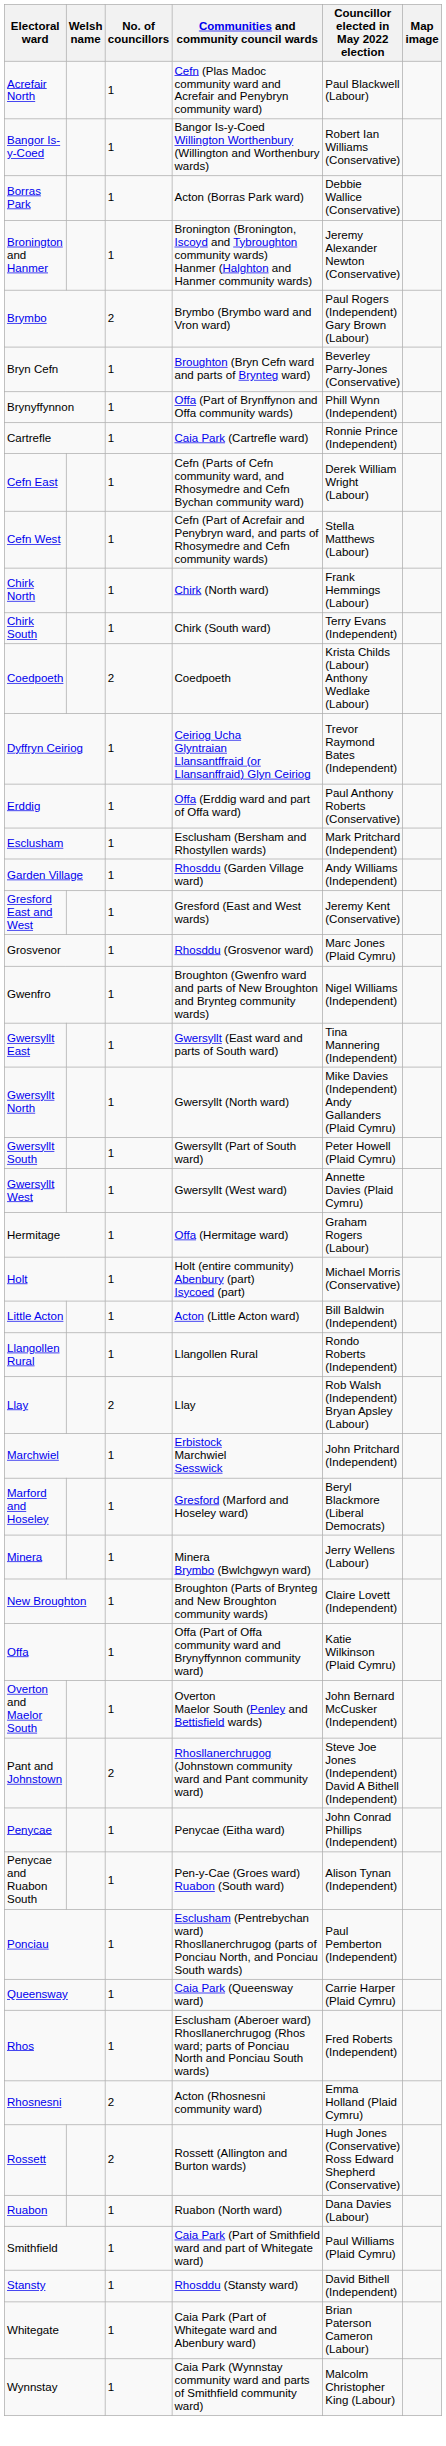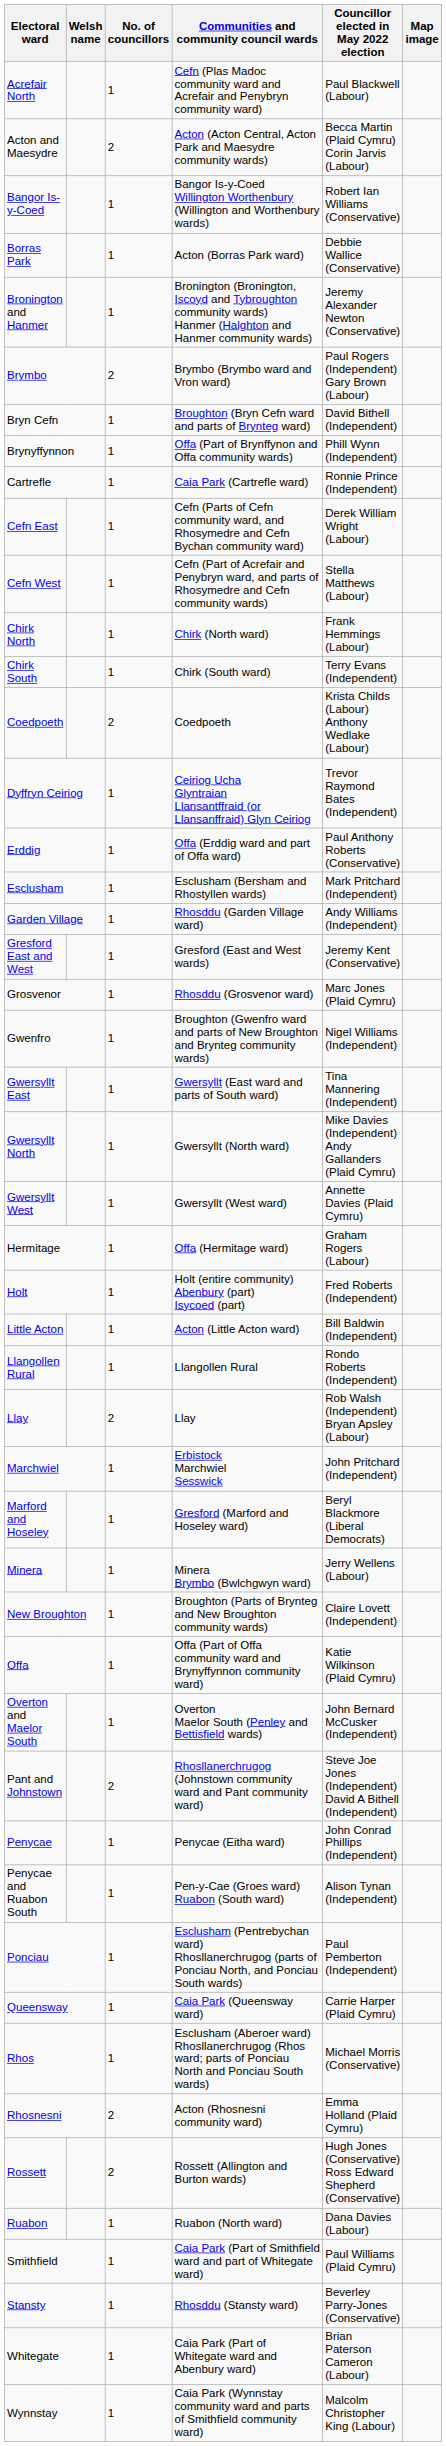 <table class="wikitable">
 <tr>
 <th>Electoral ward<br></th>
 <th>Welsh name<br></th>
 <th>No. of councillors</th>
 <th width="330pt"><a href='#'>Communities</a> and community council wards</th>
 <th>Councillor elected in May 2022 election</th>
 <th>Map image</th>
 </tr>
 <tr>
 <td><a href='#'>Acrefair North</a></td>
 <td></td>
 <td>1</td>
 <td><a href='#'>Cefn</a> (Plas Madoc community ward and Acrefair and Penybryn community ward)</td>
 <td>Paul Blackwell (Labour)</td>
+<td></td>
+</tr>
+<tr>
+<td>Acton and Maesydre</td>
+<td></td>
+<td>2</td>
+<td><a href='#'>Acton</a> (Acton Central, Acton Park and Maesydre community wards)</td>
+<td>Becca Martin (Plaid Cymru)<br>Corin Jarvis (Labour)</td>
 <td></td>
 </tr>
 <tr>
 <td><a href='#'>Bangor Is-y-Coed</a></td>
 <td></td>
 <td>1</td>
 <td>Bangor Is-y-Coed<br><a href='#'>Willington Worthenbury</a> (Willington and Worthenbury wards)</td>
 <td>Robert Ian Williams (Conservative)</td>
 <td></td>
 </tr>
 <tr>
 <td><a href='#'>Borras Park</a></td>
 <td></td>
 <td>1</td>
 <td>Acton (Borras Park ward)</td>
 <td>Debbie Wallice (Conservative)</td>
 <td></td>
 </tr>
 <tr>
 <td><a href='#'>Bronington</a> and <a href='#'>Hanmer</a></td>
 <td></td>
 <td>1</td>
 <td>Bronington (Bronington, <a href='#'>Iscoyd</a> and <a href='#'>Tybroughton</a> community wards)<br>Hanmer (<a href='#'>Halghton</a> and Hanmer community wards)</td>
 <td>Jeremy Alexander Newton (Conservative)</td>
 <td></td>
 </tr>
 <tr>
 <td colspan="2"><a href='#'>Brymbo</a></td>
 <td>2</td>
 <td>Brymbo (Brymbo ward and Vron ward)</td>
 <td>Paul Rogers (Independent)<br>Gary Brown (Labour)</td>
 <td></td>
 </tr>
 <tr>
 <td colspan="2">Bryn Cefn</td>
 <td>1</td>
 <td><a href='#'>Broughton</a> (Bryn Cefn ward and parts of <a href='#'>Brynteg</a> ward)</td>
-<td>Beverley Parry-Jones (Conservative)</td>
+<td>David Bithell (Independent)</td>
 <td></td>
 </tr>
 <tr>
 <td colspan="2">Brynyffynnon</td>
 <td>1</td>
 <td><a href='#'>Offa</a> (Part of Brynffynon and Offa community wards)</td>
 <td>Phill Wynn (Independent)</td>
 <td></td>
 </tr>
 <tr>
 <td colspan="2">Cartrefle</td>
 <td>1</td>
 <td><a href='#'>Caia Park</a> (Cartrefle ward)</td>
 <td>Ronnie Prince (Independent)</td>
 <td></td>
 </tr>
 <tr>
 <td><a href='#'>Cefn East</a></td>
 <td></td>
 <td>1</td>
 <td>Cefn (Parts of Cefn community ward, and Rhosymedre and Cefn Bychan community ward)</td>
 <td>Derek William Wright (Labour)</td>
 <td></td>
 </tr>
 <tr>
 <td><a href='#'>Cefn West</a></td>
 <td></td>
 <td>1</td>
 <td>Cefn (Part of Acrefair and Penybryn ward, and parts of Rhosymedre and Cefn community wards)</td>
 <td>Stella Matthews (Labour)</td>
 <td></td>
 </tr>
 <tr>
 <td><a href='#'>Chirk North</a></td>
 <td></td>
 <td>1</td>
 <td><a href='#'>Chirk</a> (North ward)</td>
 <td>Frank Hemmings (Labour)</td>
 <td></td>
 </tr>
 <tr>
 <td><a href='#'>Chirk South</a></td>
 <td></td>
 <td>1</td>
 <td>Chirk (South ward)</td>
 <td>Terry Evans (Independent)</td>
 <td></td>
 </tr>
 <tr>
 <td><a href='#'>Coedpoeth</a></td>
 <td></td>
 <td>2</td>
 <td>Coedpoeth</td>
 <td>Krista Childs (Labour)<br>Anthony Wedlake (Labour)</td>
 <td></td>
 </tr>
 <tr>
 <td colspan="2"><a href='#'>Dyffryn Ceiriog</a></td>
 <td>1</td>
 <td><br><a href='#'>Ceiriog Ucha</a><br><a href='#'>Glyntraian</a><br><a href='#'>Llansantffraid (or Llansanffraid) Glyn Ceiriog</a></td>
 <td>Trevor Raymond Bates (Independent)</td>
 <td></td>
 </tr>
 <tr>
 <td colspan="2"><a href='#'>Erddig</a></td>
 <td>1</td>
 <td><a href='#'>Offa</a> (Erddig ward and part of Offa ward)</td>
 <td>Paul Anthony Roberts (Conservative)</td>
 <td></td>
 </tr>
 <tr>
 <td colspan="2"><a href='#'>Esclusham</a></td>
 <td>1</td>
 <td>Esclusham (Bersham and Rhostyllen wards)</td>
 <td>Mark Pritchard (Independent)</td>
 <td></td>
 </tr>
 <tr>
 <td colspan="2"><a href='#'>Garden Village</a></td>
 <td>1</td>
 <td><a href='#'>Rhosddu</a> (Garden Village ward)</td>
 <td>Andy Williams (Independent)</td>
 <td></td>
 </tr>
 <tr>
 <td><a href='#'>Gresford East and West</a></td>
 <td></td>
 <td>1</td>
 <td>Gresford (East and West wards)</td>
 <td>Jeremy Kent (Conservative)</td>
 <td></td>
 </tr>
 <tr>
 <td colspan="2">Grosvenor</td>
 <td>1</td>
 <td><a href='#'>Rhosddu</a> (Grosvenor ward)</td>
 <td>Marc Jones (Plaid Cymru)</td>
 <td></td>
 </tr>
 <tr>
 <td colspan="2">Gwenfro</td>
 <td>1</td>
 <td>Broughton (Gwenfro ward and parts of New Broughton and Brynteg community wards)</td>
 <td>Nigel Williams (Independent)</td>
 <td></td>
 </tr>
 <tr>
 <td><a href='#'>Gwersyllt East</a></td>
 <td></td>
 <td>1</td>
 <td><a href='#'>Gwersyllt</a> (East ward and parts of South ward)</td>
 <td>Tina Mannering (Independent)</td>
 <td></td>
 </tr>
 <tr>
 <td><a href='#'>Gwersyllt North</a></td>
 <td></td>
 <td>1</td>
 <td>Gwersyllt (North ward)</td>
 <td>Mike Davies (Independent)<br>Andy Gallanders (Plaid Cymru)</td>
 <td></td>
 </tr>
 <tr>
-<td><a href='#'>Gwersyllt South</a></td>
-<td></td>
-<td>1</td>
-<td>Gwersyllt (Part of South ward)</td>
-<td>Peter Howell (Plaid Cymru)</td>
-<td></td>
-</tr>
-<tr>
 <td><a href='#'>Gwersyllt West</a></td>
 <td></td>
 <td>1</td>
 <td>Gwersyllt (West ward)</td>
 <td>Annette Davies (Plaid Cymru)</td>
 <td></td>
 </tr>
 <tr>
 <td colspan="2">Hermitage</td>
 <td>1</td>
 <td><a href='#'>Offa</a> (Hermitage ward)</td>
 <td>Graham Rogers (Labour)</td>
 <td></td>
 </tr>
 <tr>
 <td colspan="2"><a href='#'>Holt</a></td>
 <td>1</td>
 <td>Holt (entire community)<br><a href='#'>Abenbury</a> (part)<br><a href='#'>Isycoed</a> (part)</td>
-<td>Michael Morris (Conservative)</td>
+<td>Fred Roberts (Independent)</td>
 <td></td>
 </tr>
 <tr>
 <td><a href='#'>Little Acton</a></td>
 <td></td>
 <td>1</td>
 <td><a href='#'>Acton</a> (Little Acton ward)</td>
 <td>Bill Baldwin (Independent)</td>
 <td></td>
 </tr>
 <tr>
 <td><a href='#'>Llangollen Rural</a></td>
 <td></td>
 <td>1</td>
 <td>Llangollen Rural</td>
 <td>Rondo Roberts (Independent)</td>
 <td></td>
 </tr>
 <tr>
 <td><a href='#'>Llay</a></td>
 <td></td>
 <td>2</td>
 <td>Llay</td>
 <td>Rob Walsh (Independent)<br>Bryan Apsley (Labour)</td>
 <td></td>
 </tr>
 <tr>
 <td colspan="2"><a href='#'>Marchwiel</a></td>
 <td>1</td>
 <td><a href='#'>Erbistock</a><br>Marchwiel<br><a href='#'>Sesswick</a></td>
 <td>John Pritchard (Independent)</td>
 <td></td>
 </tr>
 <tr>
 <td><a href='#'>Marford and Hoseley</a></td>
 <td></td>
 <td>1</td>
 <td><a href='#'>Gresford</a> (Marford and Hoseley ward)</td>
 <td>Beryl Blackmore (Liberal Democrats)</td>
 <td></td>
 </tr>
 <tr>
 <td><a href='#'>Minera</a></td>
 <td></td>
 <td>1</td>
 <td><br>Minera<br><a href='#'>Brymbo</a> (Bwlchgwyn ward)</td>
 <td>Jerry Wellens (Labour)</td>
 <td></td>
 </tr>
 <tr>
 <td colspan="2"><a href='#'>New Broughton</a></td>
 <td>1</td>
 <td>Broughton (Parts of Brynteg and New Broughton community wards)</td>
 <td>Claire Lovett (Independent)</td>
 <td></td>
 </tr>
 <tr>
 <td colspan="2"><a href='#'>Offa</a></td>
 <td>1</td>
 <td>Offa (Part of Offa community ward and Brynyffynnon community ward)</td>
 <td>Katie Wilkinson (Plaid Cymru)</td>
 <td></td>
 </tr>
 <tr>
 <td><a href='#'>Overton</a> and <a href='#'>Maelor South</a></td>
 <td></td>
 <td>1</td>
 <td>Overton<br>Maelor South (<a href='#'>Penley</a> and <a href='#'>Bettisfield</a> wards)</td>
 <td>John Bernard McCusker (Independent)</td>
 <td></td>
 </tr>
 <tr>
 <td>Pant and <a href='#'>Johnstown</a></td>
 <td></td>
 <td>2</td>
 <td><a href='#'>Rhosllanerchrugog</a> (Johnstown community ward and Pant community ward)</td>
 <td>Steve Joe Jones (Independent)<br>David A Bithell (Independent)</td>
 <td></td>
 </tr>
 <tr>
 <td><a href='#'>Penycae</a></td>
 <td></td>
 <td>1</td>
 <td>Penycae (Eitha ward)</td>
 <td>John Conrad Phillips (Independent)</td>
 <td></td>
 </tr>
 <tr>
 <td>Penycae and Ruabon South</td>
 <td></td>
 <td>1</td>
 <td>Pen-y-Cae (Groes ward)<br><a href='#'>Ruabon</a> (South ward)</td>
 <td>Alison Tynan (Independent)</td>
 <td></td>
 </tr>
 <tr>
 <td colspan="2"><a href='#'>Ponciau</a></td>
 <td>1</td>
 <td><a href='#'>Esclusham</a> (Pentrebychan ward)<br>Rhosllanerchrugog (parts of Ponciau North, and Ponciau South wards)</td>
 <td>Paul Pemberton (Independent)</td>
 <td></td>
 </tr>
 <tr>
 <td colspan="2"><a href='#'>Queensway</a></td>
 <td>1</td>
 <td><a href='#'>Caia Park</a> (Queensway ward)</td>
 <td>Carrie Harper (Plaid Cymru)</td>
 <td></td>
 </tr>
 <tr>
 <td colspan="2"><a href='#'>Rhos</a></td>
 <td>1</td>
 <td>Esclusham (Aberoer ward)<br>Rhosllanerchrugog (Rhos ward; parts of Ponciau North and Ponciau South wards)</td>
-<td>Fred Roberts (Independent)</td>
+<td>Michael Morris (Conservative)</td>
 <td></td>
 </tr>
 <tr>
 <td colspan="2"><a href='#'>Rhosnesni</a></td>
 <td>2</td>
 <td>Acton (Rhosnesni community ward)</td>
 <td>Emma Holland (Plaid Cymru)</td>
 <td></td>
 </tr>
 <tr>
 <td><a href='#'>Rossett</a></td>
 <td></td>
 <td>2</td>
 <td>Rossett (Allington and Burton wards)</td>
 <td>Hugh Jones (Conservative)<br>Ross Edward Shepherd (Conservative)</td>
 <td></td>
 </tr>
 <tr>
 <td><a href='#'>Ruabon</a></td>
 <td></td>
 <td>1</td>
 <td>Ruabon (North ward)</td>
 <td>Dana Davies (Labour)</td>
 <td></td>
 </tr>
 <tr>
 <td colspan="2">Smithfield</td>
 <td>1</td>
 <td><a href='#'>Caia Park</a> (Part of Smithfield ward and part of Whitegate ward)</td>
 <td>Paul Williams (Plaid Cymru)</td>
 <td></td>
 </tr>
 <tr>
 <td colspan="2"><a href='#'>Stansty</a></td>
 <td>1</td>
 <td><a href='#'>Rhosddu</a> (Stansty ward)</td>
-<td>David Bithell (Independent)</td>
+<td>Beverley Parry-Jones (Conservative)</td>
 <td></td>
 </tr>
 <tr>
 <td colspan="2">Whitegate</td>
 <td>1</td>
 <td>Caia Park (Part of Whitegate ward and Abenbury ward)</td>
 <td>Brian Paterson Cameron (Labour)</td>
 <td></td>
 </tr>
 <tr>
 <td colspan="2">Wynnstay</td>
 <td>1</td>
 <td>Caia Park (Wynnstay community ward and parts of Smithfield community ward)</td>
 <td>Malcolm Christopher King (Labour)</td>
 <td></td>
 </tr>
 </table>
